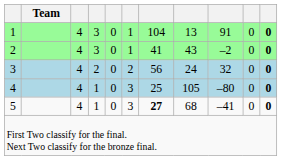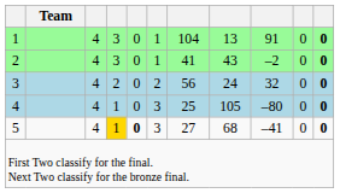 <table class="wikitable" style="width:60%;text-align:center">
 <tr>
 <th></th>
 <th>Team</th>
 <th></th>
 <th></th>
 <th></th>
 <th></th>
 <th></th>
 <th></th>
 <th></th>
 <th></th>
 <th></th>
 </tr>
 <tr bgcolor=palegreen>
 <td>1</td>
 <td align="left"></td>
 <td>4</td>
 <td>3</td>
 <td>0</td>
 <td>1</td>
 <td>104</td>
 <td>13</td>
 <td>91</td>
 <td>0</td>
 <td><strong>0</strong></td>
 </tr>
 <tr bgcolor=palegreen>
 <td>2</td>
 <td align="left"></td>
 <td>4</td>
 <td>3</td>
 <td>0</td>
 <td>1</td>
 <td>41</td>
 <td>43</td>
 <td>–2</td>
 <td>0</td>
 <td><strong>0</strong></td>
 </tr>
 <tr bgcolor=lightblue>
 <td>3</td>
 <td align="left"></td>
 <td>4</td>
 <td>2</td>
 <td>0</td>
 <td>2</td>
 <td>56</td>
 <td>24</td>
 <td>32</td>
 <td>0</td>
 <td><strong>0</strong></td>
 </tr>
 <tr bgcolor=lightblue>
 <td>4</td>
 <td align="left"></td>
 <td>4</td>
 <td>1</td>
 <td>0</td>
 <td>3</td>
 <td>25</td>
 <td>105</td>
 <td>–80</td>
 <td>0</td>
 <td><strong>0</strong></td>
 </tr>
 <tr>
 <td>5</td>
 <td align="left"></td>
 <td>4</td>
-<td>1</td>
-<td>0</td>
+<td style="background: gold;">1</td>
+<td><strong>0</strong></td>
 <td>3</td>
-<td><strong>27</strong></td>
+<td>27</td>
 <td>68</td>
 <td>–41</td>
 <td>0</td>
 <td><strong>0</strong></td>
 </tr>
 <tr | style="text-align:left;" |>
 <td colspan="11" style="border:0px; font-size:smaller"><br><span>First Two</span> classify for the final. <br> <span>Next Two</span> classify for the bronze final.</td>
 </tr>
 </table>
